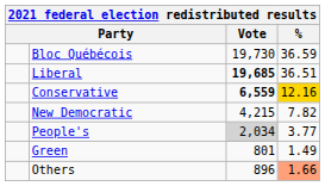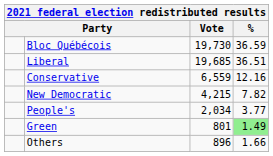 <table class="wikitable">
 <tr>
 <th colspan="4"><a href='#'>2021 federal election</a> redistributed results</th>
 </tr>
 <tr>
 <th bgcolor="#DDDDFF" width="130px" colspan="2">Party</th>
 <th bgcolor="#DDDDFF" width="50px">Vote</th>
 <th bgcolor="#DDDDFF" width="30px">%</th>
 </tr>
 <tr>
 <td> </td>
 <td><a href='#'>Bloc Québécois</a></td>
 <td align=right>19,730</td>
 <td align=right>36.59</td>
 </tr>
 <tr>
 <td> </td>
 <td><a href='#'>Liberal</a></td>
-<td align=right><strong>19,685</strong></td>
+<td align=right>19,685</td>
 <td align=right>36.51</td>
 </tr>
 <tr>
 <td> </td>
 <td><a href='#'>Conservative</a></td>
-<td align=right><strong>6,559</strong></td>
-<td align=right style="background: gold;">12.16</td>
+<td align=right>6,559</td>
+<td align=right>12.16</td>
 </tr>
 <tr>
 <td> </td>
 <td><a href='#'>New Democratic</a></td>
 <td align=right>4,215</td>
 <td align=right>7.82</td>
 </tr>
 <tr>
 <td> </td>
 <td><a href='#'>People's</a></td>
-<td align=right style="background: lightgrey;">2,034</td>
+<td align=right>2,034</td>
 <td align=right>3.77</td>
 </tr>
 <tr>
 <td> </td>
 <td><a href='#'>Green</a></td>
 <td align=right>801</td>
-<td align=right>1.49</td>
+<td align=right style="background: lightgreen;">1.49</td>
 </tr>
 <tr>
 <td> </td>
 <td>Others</td>
 <td align=right>896</td>
-<td align=right style="background: lightsalmon;">1.66</td>
+<td align=right>1.66</td>
 </tr>
 </table>
